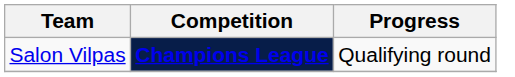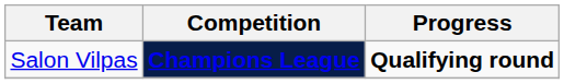 <table class="wikitable sortable">
 <tr>
 <th>Team</th>
 <th>Competition</th>
 <th>Progress</th>
 </tr>
 <tr>
 <td><a href='#'>Salon Vilpas</a></td>
 <td style="background-color:#071D49;color:#D0D3D4;text-align:center"><strong><a href='#'><span>Champions League</span></a></strong></td>
-<td>Qualifying round</td>
+<td><strong>Qualifying round</strong></td>
 </tr>
 <tr>
 </tr>
 </table>
